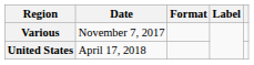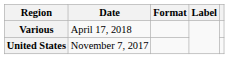 <table class="wikitable plainrowheaders">
 <tr>
 <th scope="col">Region</th>
 <th scope="col">Date</th>
 <th scope="col">Format</th>
 <th scope="col">Label</th>
 <th scope="col"></th>
 </tr>
 <tr>
 <th scope="row">Various</th>
-<td>November 7, 2017</td>
+<td>April 17, 2018</td>
 <td></td>
 <td rowspan="2"></td>
 <td></td>
 </tr>
 <tr>
 <th scope="row">United States</th>
-<td>April 17, 2018</td>
+<td>November 7, 2017</td>
 <td></td>
 <td></td>
 </tr>
 </table>
